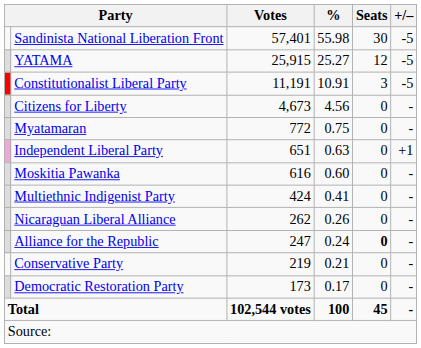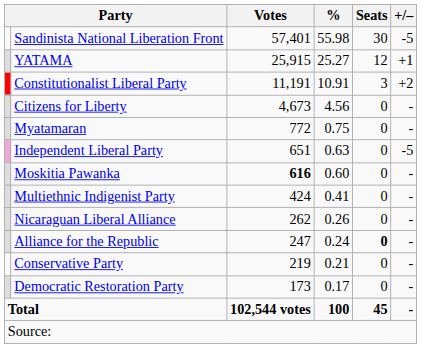 <table class=wikitable style=text-align:right>
 <tr>
 <th colspan=2>Party</th>
 <th>Votes</th>
 <th>%</th>
 <th>Seats</th>
 <th>+/–</th>
 </tr>
 <tr>
 <td></td>
 <td align=left><a href='#'>Sandinista National Liberation Front</a></td>
 <td>57,401</td>
 <td>55.98</td>
 <td>30</td>
 <td>-5</td>
 </tr>
 <tr>
 <td bgcolor=#DDDDDD></td>
 <td align=left><a href='#'>YATAMA</a></td>
 <td>25,915</td>
 <td>25.27</td>
 <td>12</td>
-<td>-5</td>
+<td>+1</td>
 </tr>
 <tr>
 <td bgcolor=#FF0000></td>
 <td align=left><a href='#'>Constitutionalist Liberal Party</a></td>
 <td>11,191</td>
 <td>10.91</td>
 <td>3</td>
-<td>-5</td>
+<td>+2</td>
 </tr>
 <tr>
 <td bgcolor=#DDDDDD></td>
 <td align=left><a href='#'>Citizens for Liberty</a></td>
 <td>4,673</td>
 <td>4.56</td>
 <td>0</td>
 <td>-</td>
 </tr>
 <tr>
 <td bgcolor=#DDDDDD></td>
 <td align=left><a href='#'>Myatamaran</a></td>
 <td>772</td>
 <td>0.75</td>
 <td>0</td>
 <td>-</td>
 </tr>
 <tr>
 <td bgcolor=#F0A9D7></td>
 <td align=left><a href='#'>Independent Liberal Party</a></td>
 <td>651</td>
 <td>0.63</td>
 <td>0</td>
-<td>+1</td>
+<td>-5</td>
 </tr>
 <tr>
 <td bgcolor=#DDDDDD></td>
 <td align=left><a href='#'>Moskitia Pawanka</a></td>
-<td>616</td>
+<td><strong>616</strong></td>
 <td>0.60</td>
 <td>0</td>
 <td>-</td>
 </tr>
 <tr>
 <td bgcolor=#DDDDDD></td>
 <td align=left><a href='#'>Multiethnic Indigenist Party</a></td>
 <td>424</td>
 <td>0.41</td>
 <td>0</td>
 <td>-</td>
 </tr>
 <tr>
 <td bgcolor=#DDDDDD></td>
 <td align=left><a href='#'>Nicaraguan Liberal Alliance</a></td>
 <td>262</td>
 <td>0.26</td>
 <td>0</td>
 <td>-</td>
 </tr>
 <tr>
 <td bgcolor=#DDDDDD></td>
 <td align=left><a href='#'>Alliance for the Republic</a></td>
 <td>247</td>
 <td>0.24</td>
 <td><strong>0</strong></td>
 <td>-</td>
 </tr>
 <tr>
 <td></td>
 <td align=left><a href='#'>Conservative Party</a></td>
 <td>219</td>
 <td>0.21</td>
 <td>0</td>
 <td>-</td>
 </tr>
 <tr>
 <td bgcolor=#DDDDDD></td>
 <td align=left><a href='#'>Democratic Restoration Party</a></td>
 <td>173</td>
 <td>0.17</td>
 <td>0</td>
 <td>-</td>
 </tr>
 <tr>
 <td align=left colspan=2><strong>Total</strong></td>
 <td><strong>102,544 votes</strong></td>
 <td><strong>100</strong></td>
 <td><strong>45</strong></td>
 <td><strong>-</strong></td>
 </tr>
 <tr>
 <td align=left colspan=6>Source:</td>
 </tr>
 </table>
